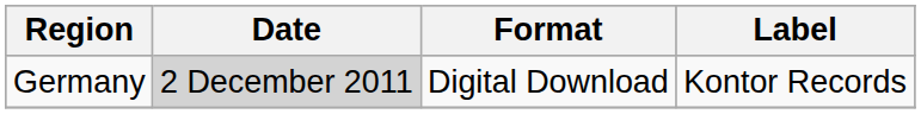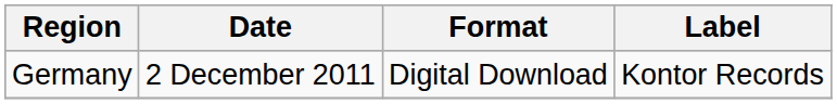 <table class=wikitable>
 <tr>
 <th>Region</th>
 <th>Date</th>
 <th>Format</th>
 <th>Label</th>
 </tr>
 <tr>
 <td>Germany</td>
-<td style="background: lightgrey;">2 December 2011</td>
+<td>2 December 2011</td>
 <td>Digital Download</td>
 <td>Kontor Records</td>
 </tr>
 <tr>
 </tr>
 </table>
